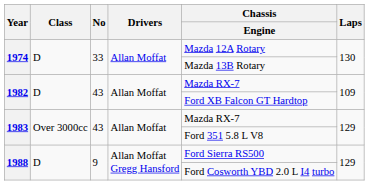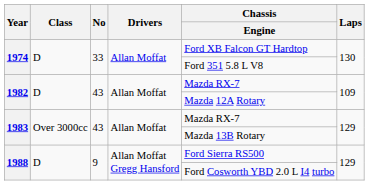 <table class="wikitable" style="font-size: 95%;">
 <tr>
 <th rowspan=2>Year</th>
 <th rowspan=2>Class</th>
 <th rowspan=2>No</th>
 <th rowspan=2>Drivers</th>
 <th>Chassis</th>
 <th rowspan=2>Laps</th>
 </tr>
 <tr>
 <th>Engine</th>
 </tr>
 <tr>
 <th rowspan=2><a href='#'>1974</a></th>
 <td rowspan=2>D</td>
 <td rowspan=2>33</td>
 <td rowspan=2> <a href='#'>Allan Moffat</a></td>
-<td><a href='#'>Mazda</a> <a href='#'>12A</a> <a href='#'>Rotary</a></td>
+<td><a href='#'>Ford XB Falcon GT Hardtop</a></td>
 <td rowspan=2>130</td>
 </tr>
 <tr>
-<td>Mazda <a href='#'>13B</a> Rotary</td>
+<td>Ford <a href='#'>351</a> 5.8 L V8</td>
 </tr>
 <tr>
 <th rowspan=2><a href='#'>1982</a></th>
 <td rowspan=2>D</td>
 <td rowspan=2>43</td>
 <td rowspan=2> Allan Moffat</td>
 <td><a href='#'>Mazda RX-7</a></td>
 <td rowspan=2>109</td>
 </tr>
 <tr>
-<td><a href='#'>Ford XB Falcon GT Hardtop</a></td>
+<td><a href='#'>Mazda</a> <a href='#'>12A</a> <a href='#'>Rotary</a></td>
 </tr>
 <tr>
 <th rowspan=2><a href='#'>1983</a></th>
 <td rowspan=2>Over 3000cc</td>
 <td rowspan=2>43</td>
 <td rowspan=2> Allan Moffat</td>
 <td>Mazda RX-7</td>
 <td rowspan=2>129</td>
 </tr>
 <tr>
-<td>Ford <a href='#'>351</a> 5.8 L V8</td>
+<td>Mazda <a href='#'>13B</a> Rotary</td>
 </tr>
 <tr>
 <th rowspan=2><a href='#'>1988</a></th>
 <td rowspan=2>D</td>
 <td rowspan=2>9</td>
 <td rowspan=2> Allan Moffat<br> <a href='#'>Gregg Hansford</a></td>
 <td><a href='#'>Ford Sierra RS500</a></td>
 <td rowspan=2>129</td>
 </tr>
 <tr>
 <td>Ford <a href='#'>Cosworth YBD</a> 2.0 L <a href='#'>I4</a> <a href='#'>turbo</a></td>
 </tr>
 </table>
